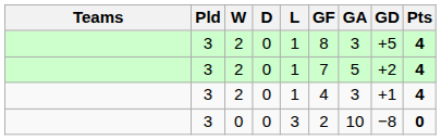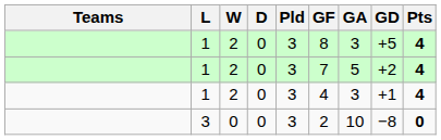 <table class="wikitable" style="text-align:center">
 <tr>
 <th style="width:175px;">Teams</th>
-<th width="20">Pld</th>
+<th width="20">L</th>
 <th width="20">W</th>
 <th width="20">D</th>
-<th width="20">L</th>
+<th width="20">Pld</th>
 <th width="20">GF</th>
 <th width="20">GA</th>
 <th width="20">GD</th>
 <th width="20">Pts</th>
 </tr>
 <tr style="background:#cfc;">
 <td style="text-align:left"></td>
-<td>3</td>
+<td>1</td>
 <td>2</td>
 <td>0</td>
-<td>1</td>
+<td>3</td>
 <td>8</td>
 <td>3</td>
 <td>+5</td>
 <td><strong>4</strong></td>
 </tr>
 <tr style="background:#cfc;">
 <td style="text-align:left"></td>
-<td>3</td>
+<td>1</td>
 <td>2</td>
 <td>0</td>
-<td>1</td>
+<td>3</td>
 <td>7</td>
 <td>5</td>
 <td>+2</td>
 <td><strong>4</strong></td>
 </tr>
 <tr>
 <td style="text-align:left"></td>
-<td>3</td>
+<td>1</td>
 <td>2</td>
 <td>0</td>
-<td>1</td>
+<td>3</td>
 <td>4</td>
 <td>3</td>
 <td>+1</td>
 <td><strong>4</strong></td>
 </tr>
 <tr>
 <td style="text-align:left"></td>
 <td>3</td>
 <td>0</td>
 <td>0</td>
 <td>3</td>
 <td>2</td>
 <td>10</td>
 <td>−8</td>
 <td><strong>0</strong></td>
 </tr>
 </table>
